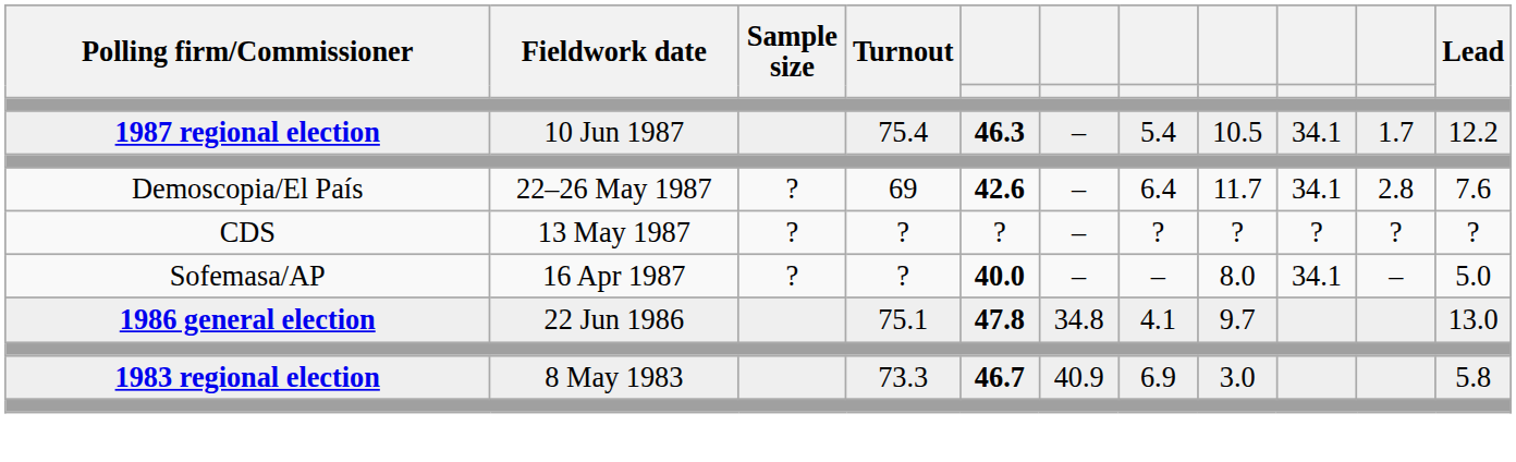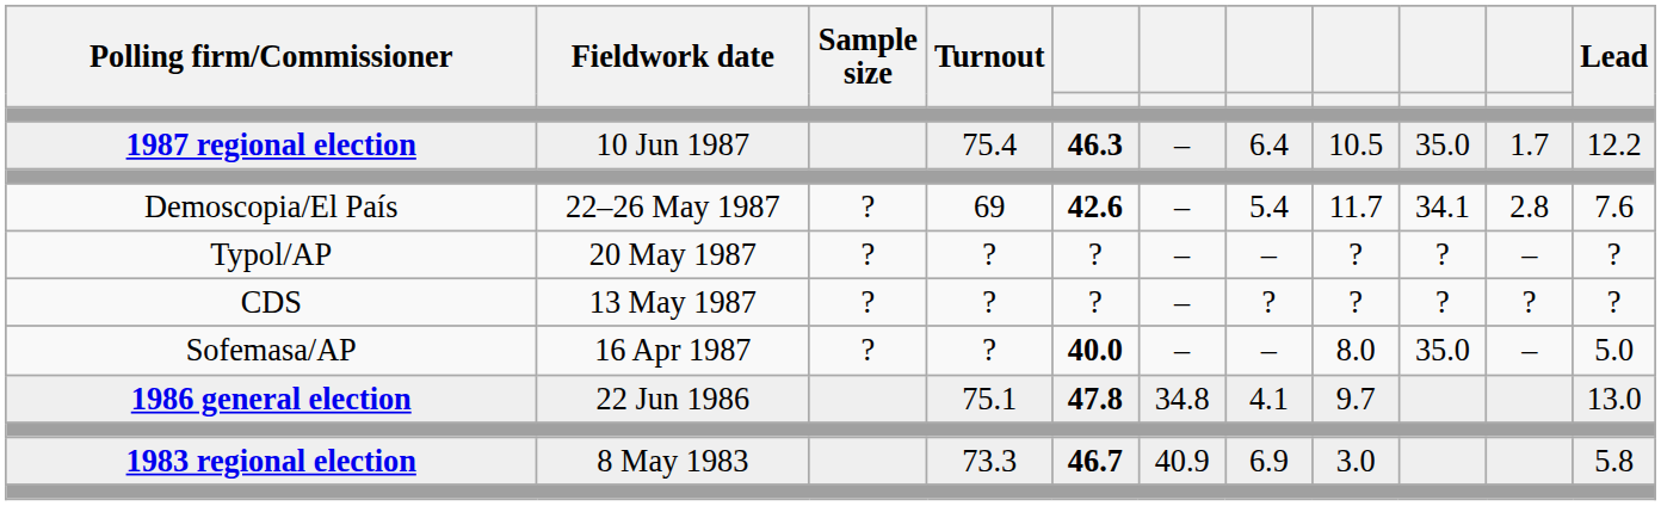 <table class="wikitable collapsible collapsed" style="text-align:center; font-size:95%; line-height:16px;">
 <tr style="height:42px;">
 <th style="width:250px;" rowspan="2">Polling firm/Commissioner</th>
 <th style="width:125px;" rowspan="2">Fieldwork date</th>
 <th style="width:50px;" rowspan="2">Sample size</th>
 <th style="width:45px;" rowspan="2">Turnout</th>
 <th style="width:35px;"></th>
 <th style="width:35px;"></th>
 <th style="width:35px;"></th>
 <th style="width:35px;"></th>
 <th style="width:35px;"></th>
 <th style="width:35px;"></th>
 <th style="width:30px;" rowspan="2">Lead</th>
 </tr>
 <tr>
 <th style="color:inherit;background:"></th>
 <th style="color:inherit;background:"></th>
 <th style="color:inherit;background:"></th>
 <th style="color:inherit;background:"></th>
 <th style="color:inherit;background:"></th>
 <th style="color:inherit;background:"></th>
 </tr>
 <tr>
 <td colspan="11" style="background:#A0A0A0"></td>
 </tr>
 <tr style="background:#EFEFEF;">
 <td><strong><a href='#'>1987 regional election</a></strong></td>
 <td>10 Jun 1987</td>
 <td></td>
 <td>75.4</td>
 <td><strong>46.3</strong><br></td>
 <td>–</td>
-<td>5.4<br></td>
+<td>6.4<br></td>
 <td>10.5<br></td>
-<td>34.1<br></td>
+<td>35.0<br></td>
 <td>1.7<br></td>
 <td style="background:">12.2</td>
 </tr>
 <tr>
 <td colspan="11" style="background:#A0A0A0"></td>
 </tr>
 <tr>
 <td>Demoscopia/El País</td>
 <td>22–26 May 1987</td>
 <td>?</td>
 <td>69</td>
 <td><strong>42.6</strong><br></td>
 <td>–</td>
-<td>6.4<br></td>
+<td>5.4<br></td>
 <td>11.7<br></td>
 <td>34.1<br></td>
 <td>2.8<br></td>
 <td style="background:">7.6</td>
+</tr>
+<tr>
+<td>Typol/AP</td>
+<td>20 May 1987</td>
+<td>?</td>
+<td>?</td>
+<td>?<br></td>
+<td>–</td>
+<td>–</td>
+<td>?<br></td>
+<td>?<br></td>
+<td>–</td>
+<td style="background:">?</td>
 </tr>
 <tr>
 <td>CDS</td>
 <td>13 May 1987</td>
 <td>?</td>
 <td>?</td>
 <td>?<br></td>
 <td>–</td>
 <td>?<br></td>
 <td>?<br></td>
 <td>?<br></td>
 <td>?<br></td>
 <td style="background:">?</td>
 </tr>
 <tr>
 <td>Sofemasa/AP</td>
 <td>16 Apr 1987</td>
 <td>?</td>
 <td>?</td>
 <td><strong>40.0</strong></td>
 <td>–</td>
 <td>–</td>
 <td>8.0</td>
-<td>34.1<br></td>
+<td>35.0</td>
 <td>–</td>
 <td style="background:">5.0</td>
 </tr>
 <tr style="background:#EFEFEF;">
 <td><strong><a href='#'>1986 general election</a></strong></td>
 <td>22 Jun 1986</td>
 <td></td>
 <td>75.1</td>
 <td><strong>47.8</strong><br></td>
 <td>34.8<br></td>
 <td>4.1<br></td>
 <td>9.7<br></td>
 <td></td>
 <td></td>
 <td style="background:">13.0</td>
 </tr>
 <tr>
 <td colspan="11" style="background:#A0A0A0"></td>
 </tr>
 <tr style="background:#EFEFEF;">
 <td><strong><a href='#'>1983 regional election</a></strong></td>
 <td>8 May 1983</td>
 <td></td>
 <td>73.3</td>
 <td><strong>46.7</strong><br></td>
 <td>40.9<br></td>
 <td>6.9<br></td>
 <td>3.0<br></td>
 <td></td>
 <td></td>
 <td style="background:">5.8</td>
 </tr>
 <tr>
 <td colspan="11" style="background:#A0A0A0"></td>
 </tr>
 </table>
